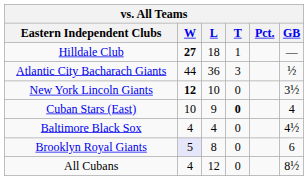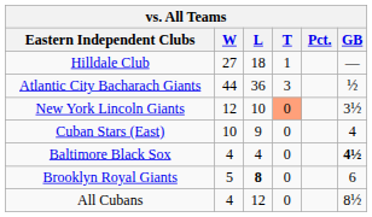 <table class="wikitable" width="400em" style="text-align:center;">
 <tr>
 <th colspan="6">vs. All Teams</th>
 </tr>
 <tr>
 <th width="58%">Eastern Independent Clubs</th>
 <th width="8%"><a href='#'>W</a></th>
 <th width="8%"><a href='#'>L</a></th>
 <th width="8%"><a href='#'>T</a></th>
 <th width="10%"><a href='#'>Pct.</a></th>
 <th width="8%"><a href='#'>GB</a></th>
 </tr>
 <tr>
 <td><a href='#'>Hilldale Club</a></td>
-<td><strong>27</strong></td>
+<td>27</td>
 <td>18</td>
 <td>1</td>
 <td></td>
 <td>—</td>
 </tr>
 <tr>
 <td><a href='#'>Atlantic City Bacharach Giants</a></td>
 <td>44</td>
 <td>36</td>
 <td>3</td>
 <td></td>
 <td>½</td>
 </tr>
 <tr>
 <td><a href='#'>New York Lincoln Giants</a></td>
-<td><strong>12</strong></td>
+<td>12</td>
 <td>10</td>
-<td>0</td>
+<td style="background: lightsalmon;">0</td>
 <td></td>
 <td>3½</td>
 </tr>
 <tr>
 <td><a href='#'>Cuban Stars (East)</a></td>
 <td>10</td>
 <td>9</td>
-<td><strong>0</strong></td>
+<td>0</td>
 <td></td>
 <td>4</td>
 </tr>
 <tr>
 <td><a href='#'>Baltimore Black Sox</a></td>
 <td>4</td>
 <td>4</td>
 <td>0</td>
 <td></td>
-<td>4½</td>
+<td><strong>4½</strong></td>
 </tr>
 <tr>
 <td><a href='#'>Brooklyn Royal Giants</a></td>
-<td style="background: lavender;">5</td>
-<td>8</td>
+<td>5</td>
+<td><strong>8</strong></td>
 <td>0</td>
 <td></td>
 <td>6</td>
 </tr>
 <tr>
 <td>All Cubans</td>
 <td>4</td>
 <td>12</td>
 <td>0</td>
 <td></td>
 <td>8½</td>
 </tr>
 </table>
